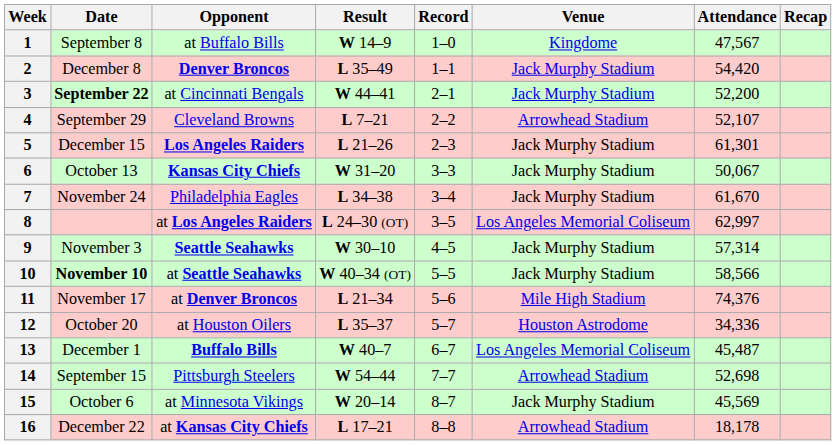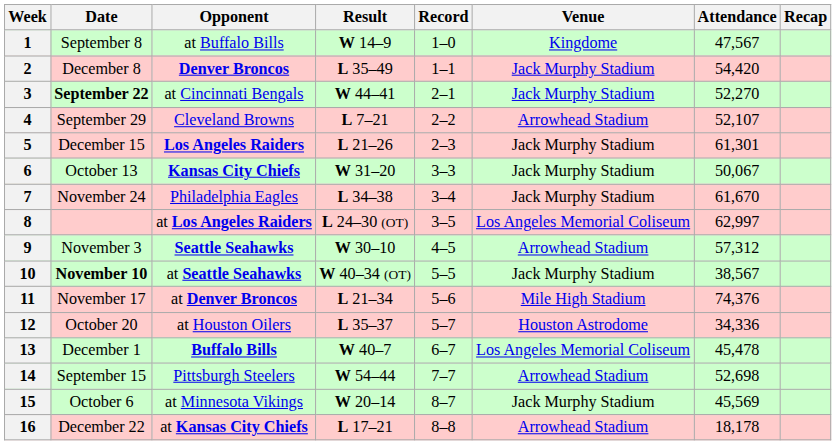 <table class="wikitable" style="text-align:center">
 <tr>
 <th>Week</th>
 <th>Date</th>
 <th>Opponent</th>
 <th>Result</th>
 <th>Record</th>
 <th>Venue</th>
 <th>Attendance</th>
 <th>Recap</th>
 </tr>
 <tr style="background:#cfc">
 <th>1</th>
 <td>September 8</td>
 <td>at <a href='#'>Buffalo Bills</a></td>
 <td><strong>W</strong> 14–9</td>
 <td>1–0</td>
 <td><a href='#'>Kingdome</a></td>
 <td>47,567</td>
 <td></td>
 </tr>
 <tr style="background:#fcc">
 <th>2</th>
 <td>December 8</td>
 <td><strong><a href='#'>Denver Broncos</a></strong></td>
 <td><strong>L</strong> 35–49</td>
 <td>1–1</td>
 <td><a href='#'>Jack Murphy Stadium</a></td>
 <td>54,420</td>
 <td></td>
 </tr>
 <tr style="background:#cfc">
 <th>3</th>
 <td><strong>September 22</strong></td>
 <td>at <a href='#'>Cincinnati Bengals</a></td>
 <td><strong>W</strong> 44–41</td>
 <td>2–1</td>
 <td><a href='#'>Jack Murphy Stadium</a></td>
-<td>52,200</td>
+<td>52,270</td>
 <td></td>
 </tr>
 <tr style="background:#fcc">
 <th>4</th>
 <td>September 29</td>
 <td><a href='#'>Cleveland Browns</a></td>
 <td><strong>L</strong> 7–21</td>
 <td>2–2</td>
 <td><a href='#'>Arrowhead Stadium</a></td>
 <td>52,107</td>
 <td></td>
 </tr>
 <tr style="background:#fcc">
 <th>5</th>
 <td>December 15</td>
 <td><strong><a href='#'>Los Angeles Raiders</a></strong></td>
 <td><strong>L</strong> 21–26</td>
 <td>2–3</td>
 <td>Jack Murphy Stadium</td>
 <td>61,301</td>
 <td></td>
 </tr>
 <tr style="background:#cfc">
 <th>6</th>
 <td>October 13</td>
 <td><strong><a href='#'>Kansas City Chiefs</a></strong></td>
 <td><strong>W</strong> 31–20</td>
 <td>3–3</td>
 <td>Jack Murphy Stadium</td>
 <td>50,067</td>
 <td></td>
 </tr>
 <tr style="background:#fcc">
 <th>7</th>
 <td>November 24</td>
 <td><a href='#'>Philadelphia Eagles</a></td>
 <td><strong>L</strong> 34–38</td>
 <td>3–4</td>
 <td>Jack Murphy Stadium</td>
 <td>61,670</td>
 <td></td>
 </tr>
 <tr style="background:#fcc">
 <th>8</th>
 <td></td>
 <td>at <strong><a href='#'>Los Angeles Raiders</a></strong></td>
 <td><strong>L</strong> 24–30 <small>(OT)</small></td>
 <td>3–5</td>
 <td><a href='#'>Los Angeles Memorial Coliseum</a></td>
 <td>62,997</td>
 <td></td>
 </tr>
 <tr style="background:#cfc">
 <th>9</th>
 <td>November 3</td>
 <td><strong><a href='#'>Seattle Seahawks</a></strong></td>
 <td><strong>W</strong> 30–10</td>
 <td>4–5</td>
-<td>Jack Murphy Stadium</td>
-<td>57,314</td>
+<td><a href='#'>Arrowhead Stadium</a></td>
+<td>57,312</td>
 <td></td>
 </tr>
 <tr style="background:#cfc">
 <th>10</th>
 <td><strong>November 10</strong></td>
 <td>at <strong><a href='#'>Seattle Seahawks</a></strong></td>
 <td><strong>W</strong> 40–34 <small>(OT)</small></td>
 <td>5–5</td>
 <td>Jack Murphy Stadium</td>
-<td>58,566</td>
+<td>38,567</td>
 <td></td>
 </tr>
 <tr style="background:#fcc">
 <th>11</th>
 <td>November 17</td>
 <td>at <strong><a href='#'>Denver Broncos</a></strong></td>
 <td><strong>L</strong> 21–34</td>
 <td>5–6</td>
 <td><a href='#'>Mile High Stadium</a></td>
 <td>74,376</td>
 <td></td>
 </tr>
 <tr style="background:#fcc">
 <th>12</th>
 <td>October 20</td>
 <td>at <a href='#'>Houston Oilers</a></td>
 <td><strong>L</strong> 35–37</td>
 <td>5–7</td>
 <td><a href='#'>Houston Astrodome</a></td>
 <td>34,336</td>
 <td></td>
 </tr>
 <tr style="background:#cfc">
 <th>13</th>
 <td>December 1</td>
 <td><strong><a href='#'>Buffalo Bills</a></strong></td>
 <td><strong>W</strong> 40–7</td>
 <td>6–7</td>
 <td><a href='#'>Los Angeles Memorial Coliseum</a></td>
-<td>45,487</td>
+<td>45,478</td>
 <td></td>
 </tr>
 <tr style="background:#cfc">
 <th>14</th>
 <td>September 15</td>
 <td><a href='#'>Pittsburgh Steelers</a></td>
 <td><strong>W</strong> 54–44</td>
 <td>7–7</td>
 <td><a href='#'>Arrowhead Stadium</a></td>
 <td>52,698</td>
 <td></td>
 </tr>
 <tr style="background:#cfc">
 <th>15</th>
 <td>October 6</td>
 <td>at <a href='#'>Minnesota Vikings</a></td>
 <td><strong>W</strong> 20–14</td>
 <td>8–7</td>
 <td>Jack Murphy Stadium</td>
 <td>45,569</td>
 <td></td>
 </tr>
 <tr style="background:#fcc">
 <th>16</th>
 <td>December 22</td>
 <td>at <strong><a href='#'>Kansas City Chiefs</a></strong></td>
 <td><strong>L</strong> 17–21</td>
 <td>8–8</td>
 <td><a href='#'>Arrowhead Stadium</a></td>
 <td>18,178</td>
 <td></td>
 </tr>
 </table>
